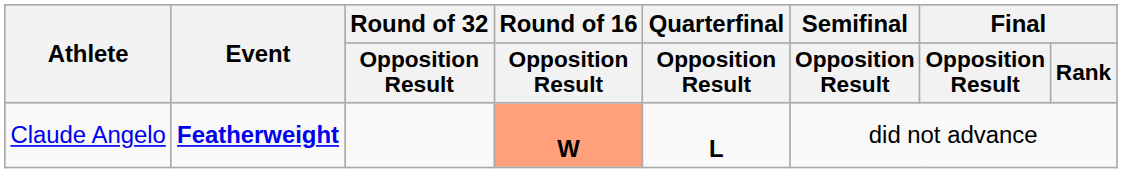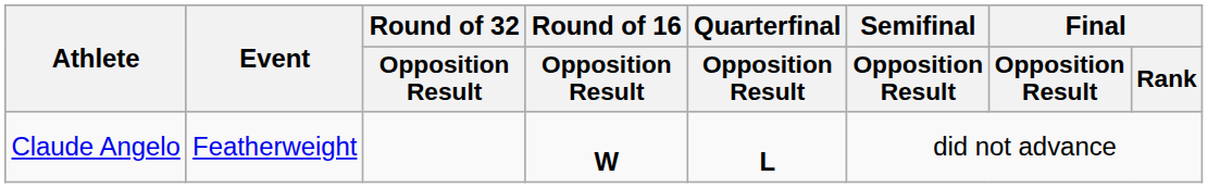 <table class="wikitable" style="font-size:90%;">
 <tr>
 <th rowspan=2>Athlete</th>
 <th rowspan=2>Event</th>
 <th>Round of 32</th>
 <th>Round of 16</th>
 <th>Quarterfinal</th>
 <th>Semifinal</th>
 <th colspan=2>Final</th>
 </tr>
 <tr style="font-size: 95%">
 <th>Opposition<br>Result</th>
 <th>Opposition<br>Result</th>
 <th>Opposition<br>Result</th>
 <th>Opposition<br>Result</th>
 <th>Opposition<br>Result</th>
 <th>Rank</th>
 </tr>
 <tr align=center>
 <td align=left><a href='#'>Claude Angelo</a></td>
-<td align=left><strong><a href='#'>Featherweight</a></strong></td>
+<td align=left><a href='#'>Featherweight</a></td>
 <td></td>
-<td style="background: lightsalmon;"> <br> <strong>W</strong></td>
+<td> <br> <strong>W</strong></td>
 <td> <br> <strong>L</strong></td>
 <td colspan=3>did not advance</td>
 </tr>
 </table>
